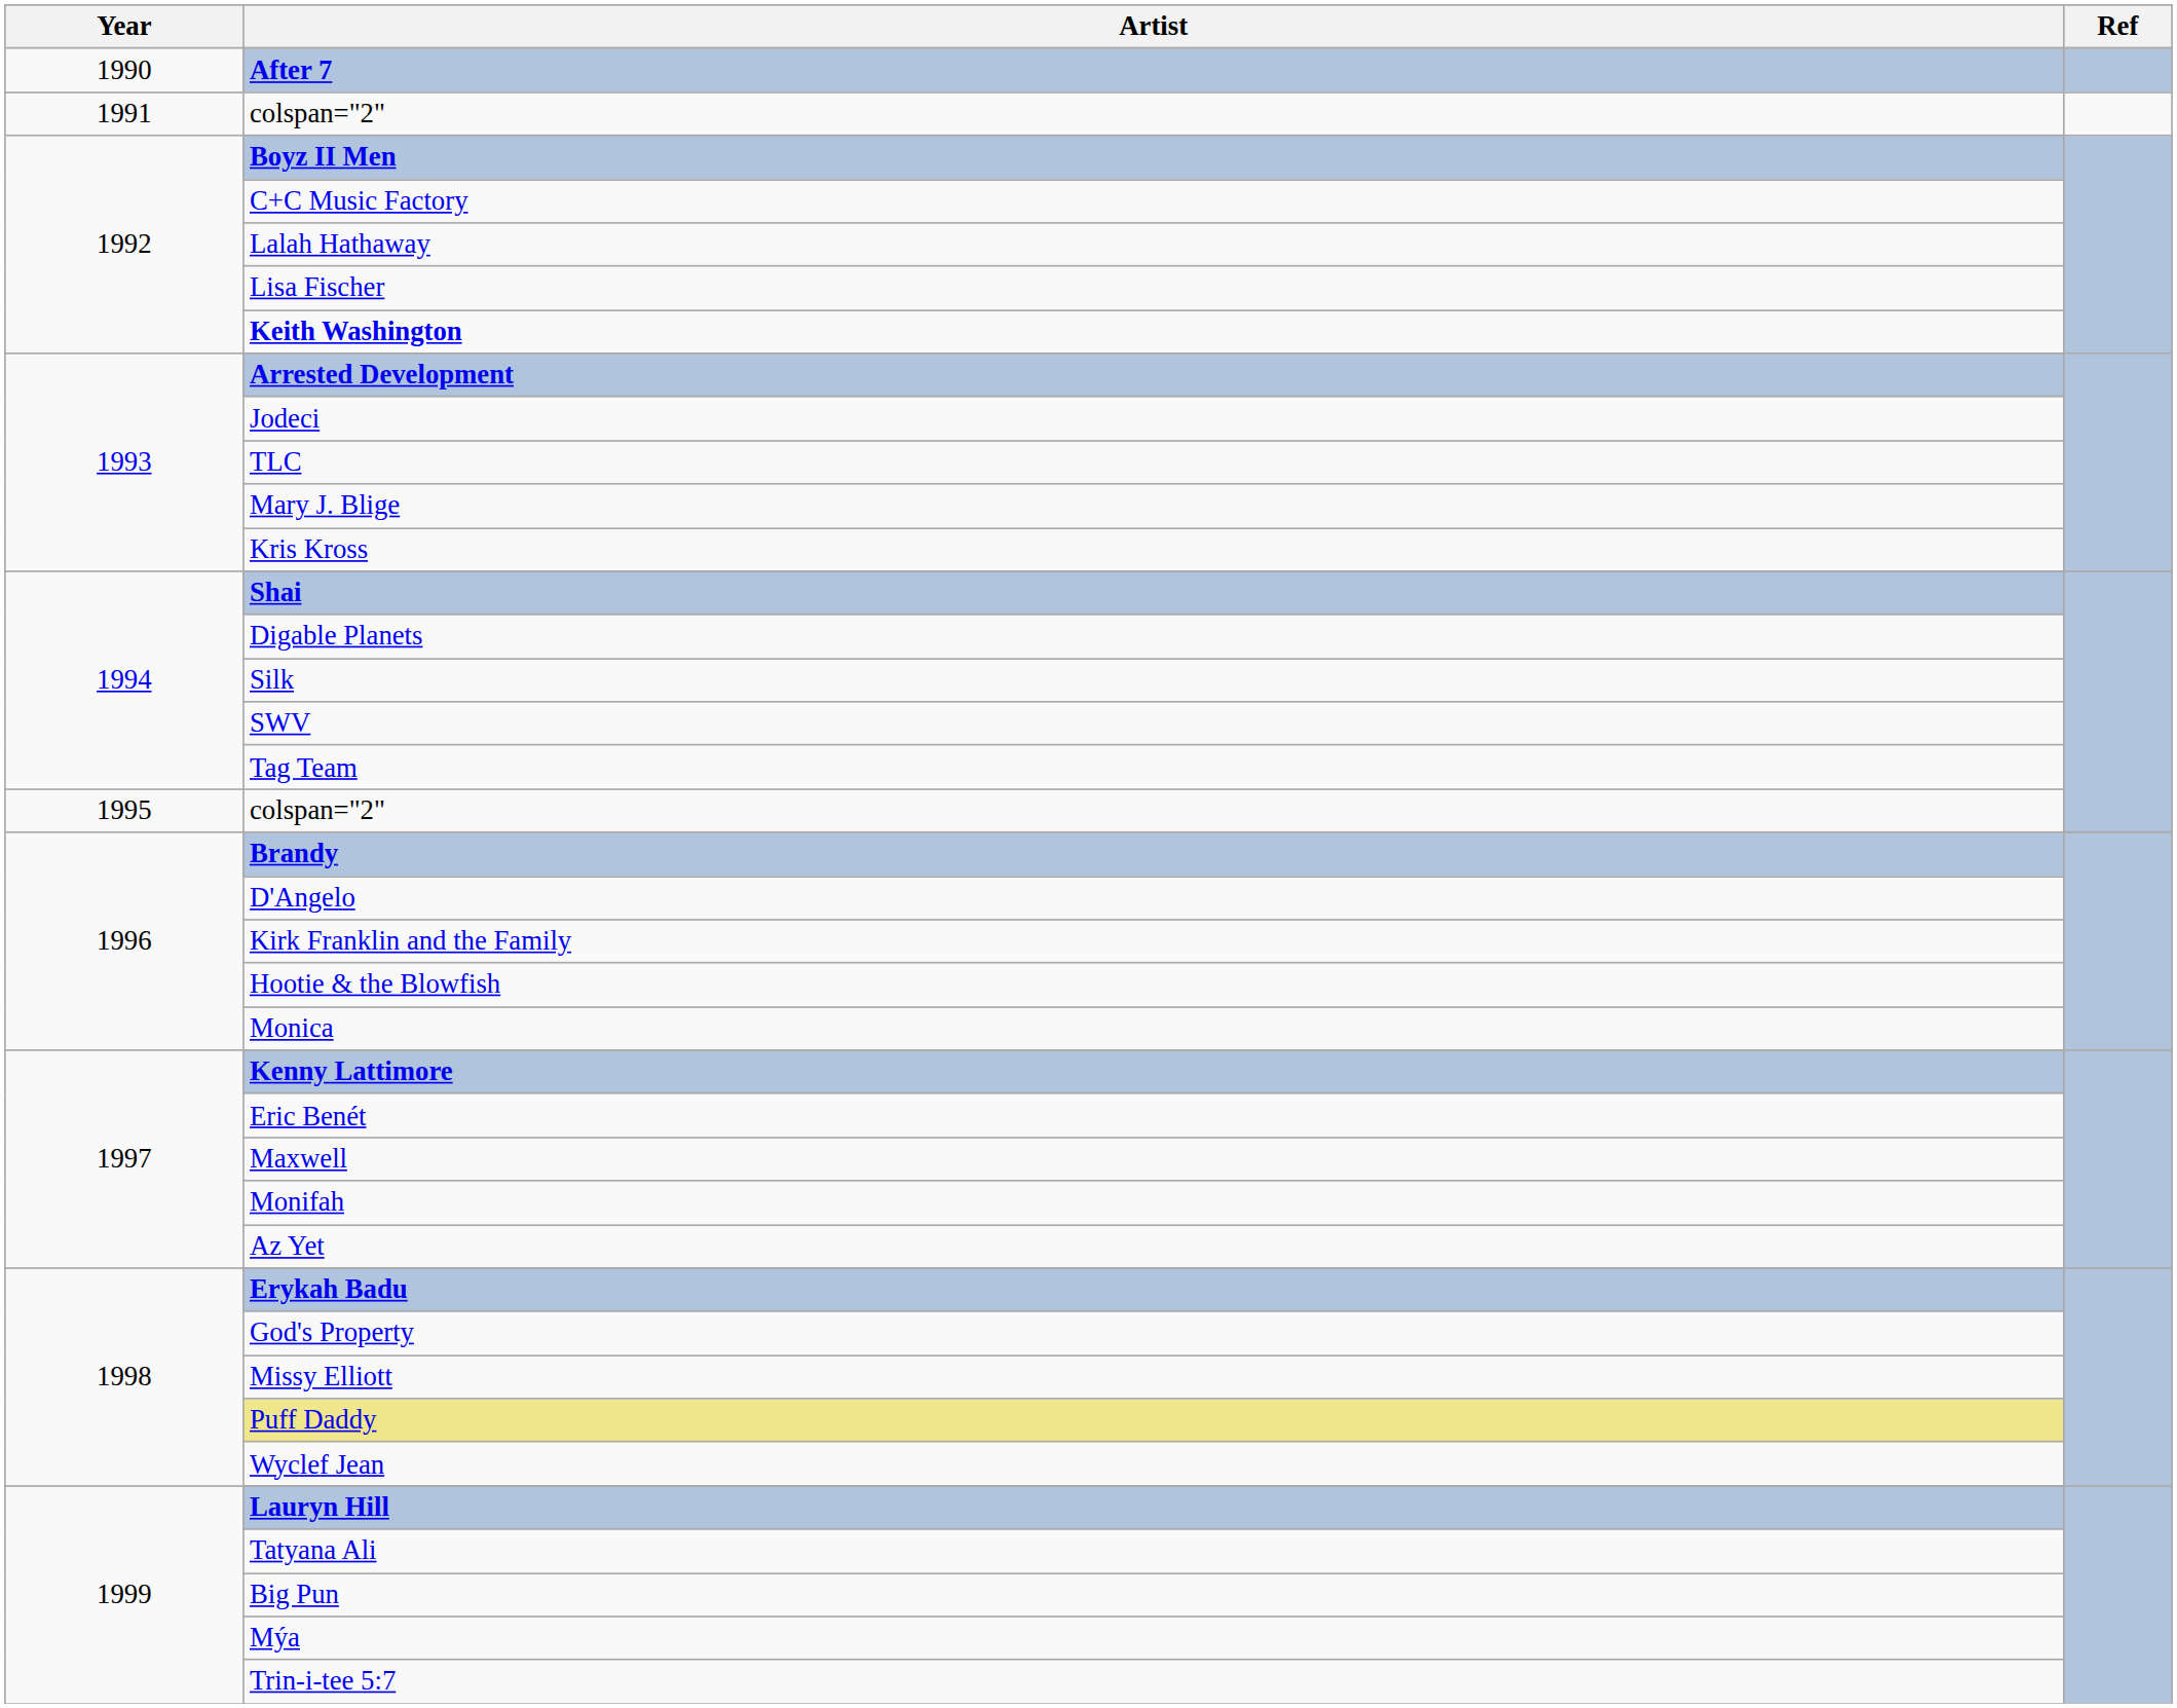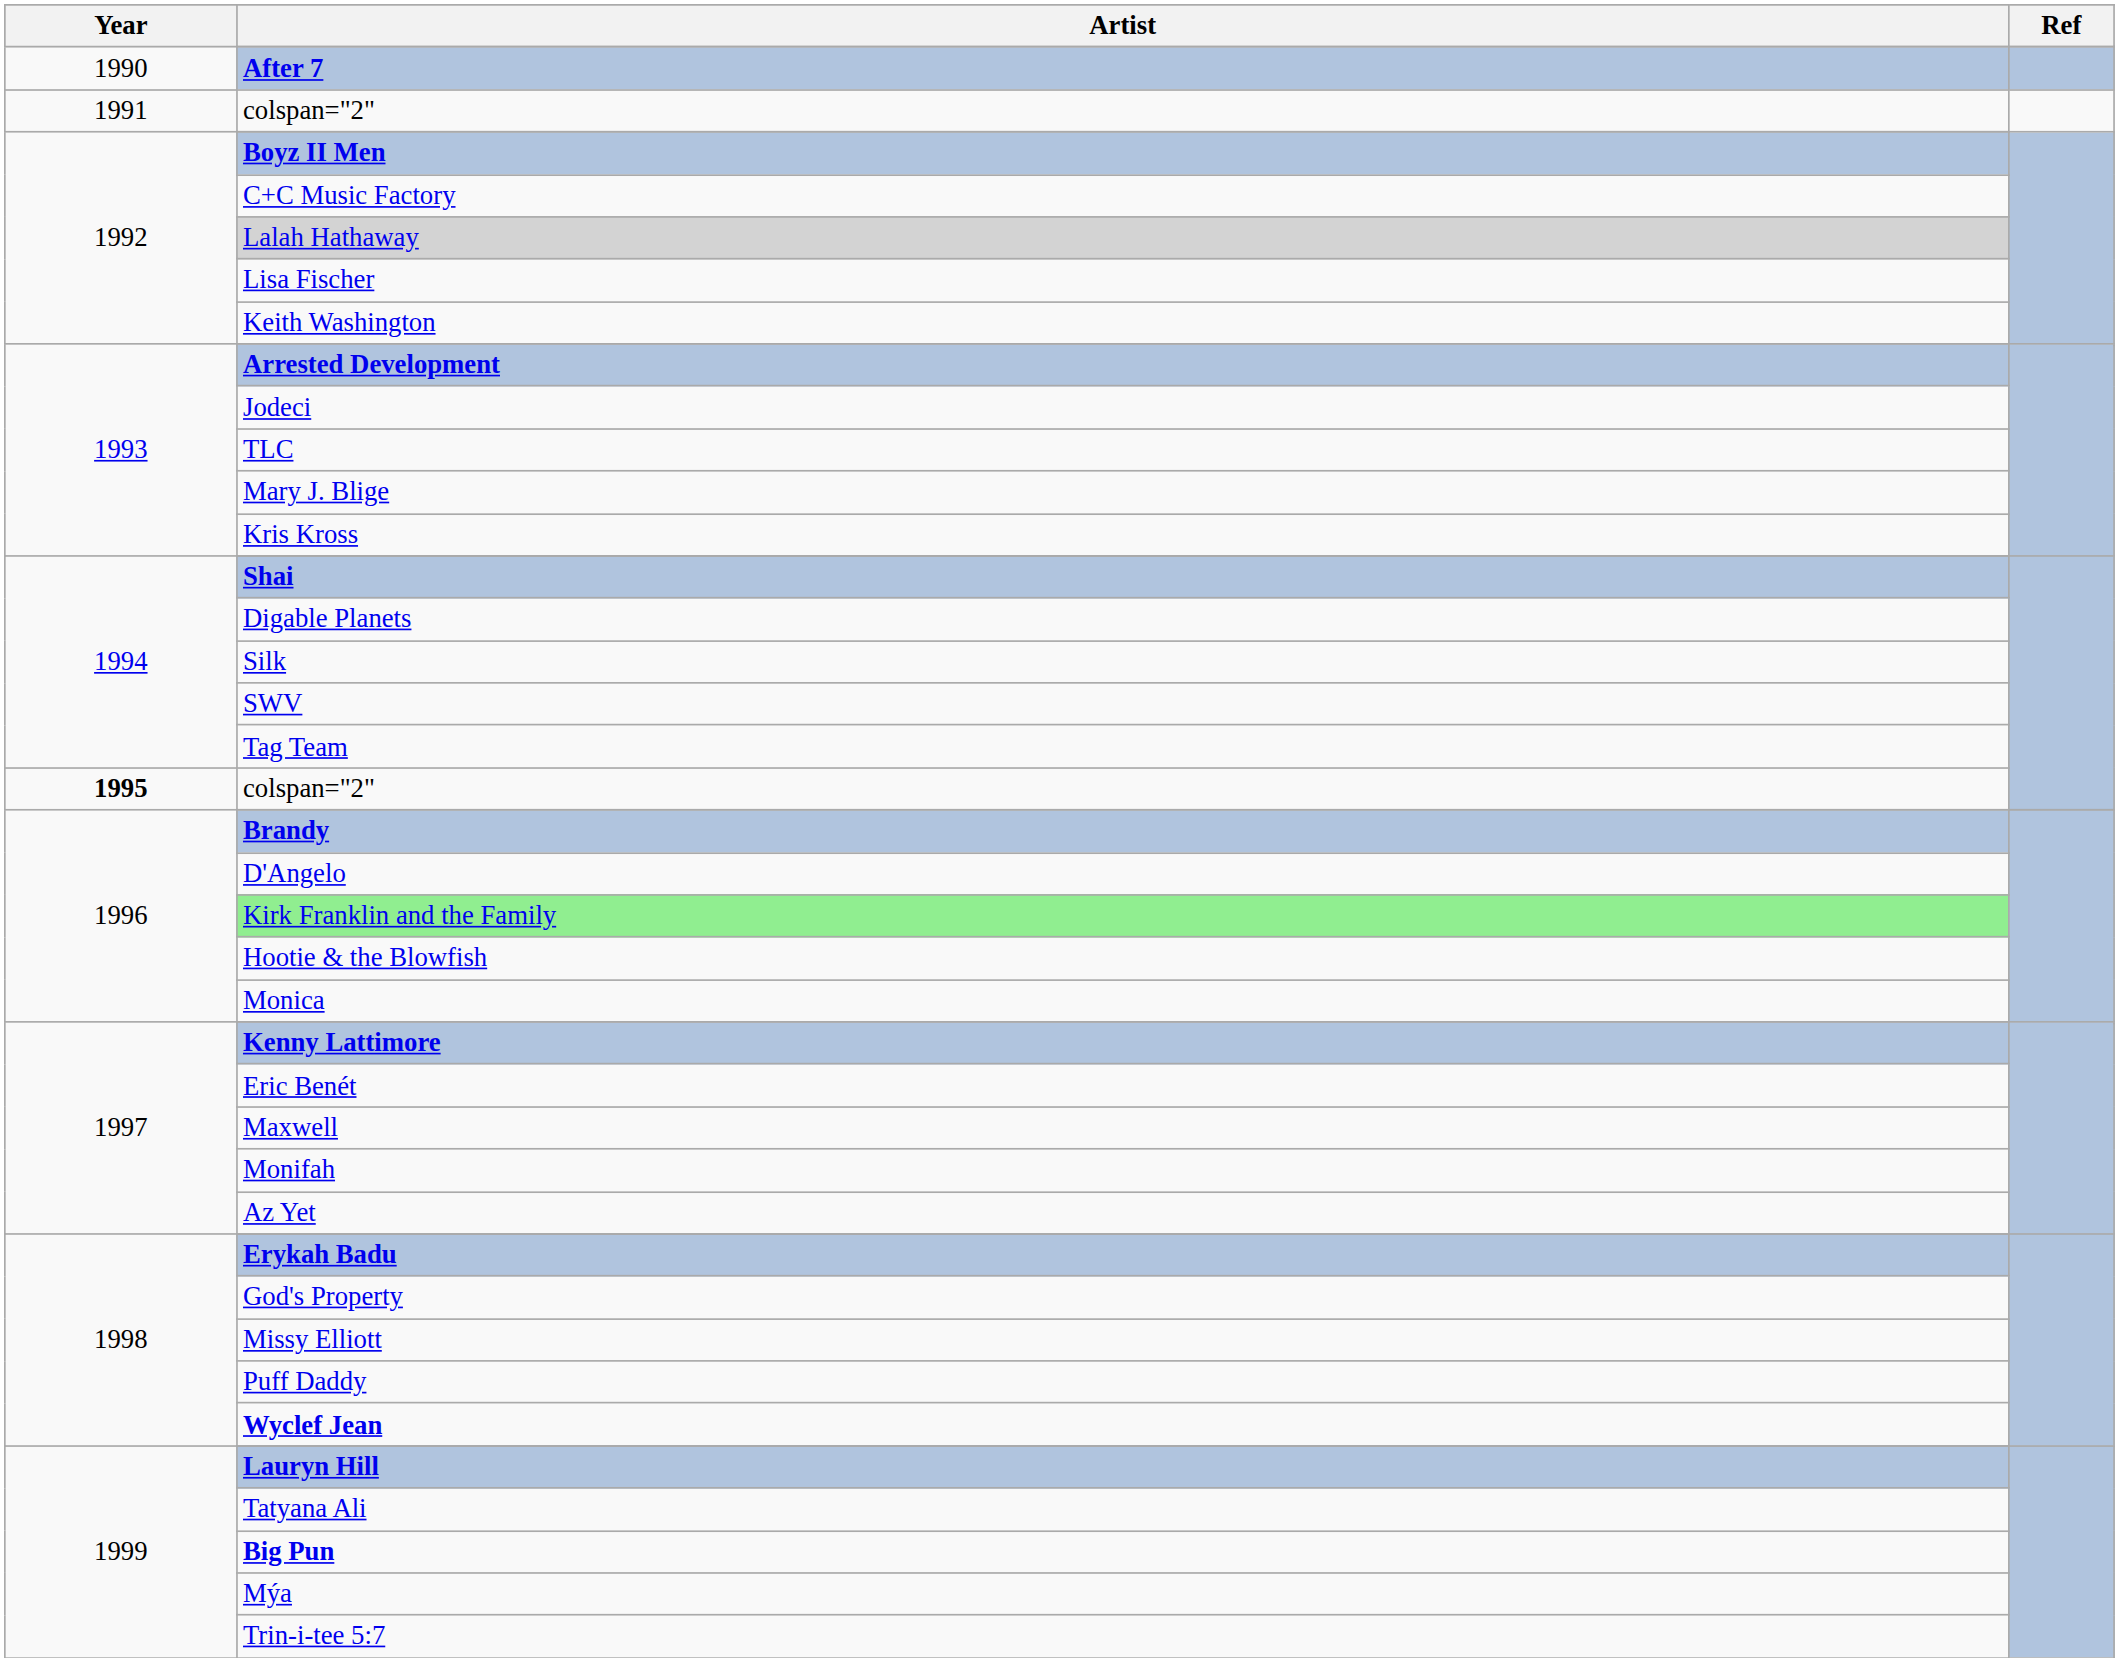 <table class="wikitable" style="width:100%;">
 <tr style="background:#bebebe;">
 <th style="width:11%;">Year</th>
 <th style="width:84%;">Artist</th>
 <th style="width:5%;">Ref</th>
 </tr>
 <tr>
 <td rowspan="2" align="center">1990</td>
 </tr>
 <tr style="background:#B0C4DE">
 <td><strong><a href='#'>After 7</a></strong></td>
 <td align="center"></td>
 </tr>
 <tr>
 <td align="center">1991</td>
 <td>colspan="2" </td>
 </tr>
 <tr>
 <td rowspan="6" align="center">1992</td>
 </tr>
 <tr style="background:#B0C4DE">
 <td><strong><a href='#'>Boyz II Men</a></strong></td>
 <td rowspan="6" align="center"></td>
 </tr>
 <tr>
 <td><a href='#'>C+C Music Factory</a></td>
 </tr>
 <tr>
-<td><a href='#'>Lalah Hathaway</a></td>
+<td style="background: lightgrey;"><a href='#'>Lalah Hathaway</a></td>
 </tr>
 <tr>
 <td><a href='#'>Lisa Fischer</a></td>
 </tr>
 <tr>
-<td><strong><a href='#'>Keith Washington</a></strong></td>
+<td><a href='#'>Keith Washington</a></td>
 </tr>
 <tr>
 <td rowspan="6" align="center"><a href='#'>1993</a></td>
 </tr>
 <tr style="background:#B0C4DE">
 <td><strong><a href='#'>Arrested Development</a></strong></td>
 <td rowspan="6" align="center"></td>
 </tr>
 <tr>
 <td><a href='#'>Jodeci</a></td>
 </tr>
 <tr>
 <td><a href='#'>TLC</a></td>
 </tr>
 <tr>
 <td><a href='#'>Mary J. Blige</a></td>
 </tr>
 <tr>
 <td><a href='#'>Kris Kross</a></td>
 </tr>
 <tr>
 <td rowspan="6" align="center"><a href='#'>1994</a></td>
 </tr>
 <tr style="background:#B0C4DE">
 <td><strong><a href='#'>Shai</a></strong></td>
 <td rowspan="6" align="center"></td>
 </tr>
 <tr>
 <td><a href='#'>Digable Planets</a></td>
 </tr>
 <tr>
 <td><a href='#'>Silk</a></td>
 </tr>
 <tr>
 <td><a href='#'>SWV</a></td>
 </tr>
 <tr>
 <td><a href='#'>Tag Team</a></td>
 </tr>
 <tr>
-<td align="center">1995</td>
+<td align="center"><strong>1995</strong></td>
 <td>colspan="2" </td>
 </tr>
 <tr>
 <td rowspan="6" align="center">1996</td>
 </tr>
 <tr style="background:#B0C4DE">
 <td><strong><a href='#'>Brandy</a></strong></td>
 <td rowspan="6" align="center"></td>
 </tr>
 <tr>
 <td><a href='#'>D'Angelo</a></td>
 </tr>
 <tr>
-<td><a href='#'>Kirk Franklin and the Family</a></td>
+<td style="background: lightgreen;"><a href='#'>Kirk Franklin and the Family</a></td>
 </tr>
 <tr>
 <td><a href='#'>Hootie & the Blowfish</a></td>
 </tr>
 <tr>
 <td><a href='#'>Monica</a></td>
 </tr>
 <tr>
 <td rowspan="6" align="center">1997</td>
 </tr>
 <tr style="background:#B0C4DE">
 <td><strong><a href='#'>Kenny Lattimore</a></strong></td>
 <td rowspan="6" align="center"></td>
 </tr>
 <tr>
 <td><a href='#'>Eric Benét</a></td>
 </tr>
 <tr>
 <td><a href='#'>Maxwell</a></td>
 </tr>
 <tr>
 <td><a href='#'>Monifah</a></td>
 </tr>
 <tr>
 <td><a href='#'>Az Yet</a></td>
 </tr>
 <tr>
 <td rowspan="6" align="center">1998</td>
 </tr>
 <tr style="background:#B0C4DE">
 <td><strong><a href='#'>Erykah Badu</a></strong></td>
 <td rowspan="6" align="center"></td>
 </tr>
 <tr>
 <td><a href='#'>God's Property</a></td>
 </tr>
 <tr>
 <td><a href='#'>Missy Elliott</a></td>
 </tr>
 <tr>
-<td style="background: khaki;"><a href='#'>Puff Daddy</a></td>
+<td><a href='#'>Puff Daddy</a></td>
 </tr>
 <tr>
-<td><a href='#'>Wyclef Jean</a></td>
+<td><strong><a href='#'>Wyclef Jean</a></strong></td>
 </tr>
 <tr>
 <td rowspan="6" align="center">1999</td>
 </tr>
 <tr style="background:#B0C4DE">
 <td><strong><a href='#'>Lauryn Hill</a></strong></td>
 <td rowspan="6" align="center"></td>
 </tr>
 <tr>
 <td><a href='#'>Tatyana Ali</a></td>
 </tr>
 <tr>
-<td><a href='#'>Big Pun</a></td>
+<td><strong><a href='#'>Big Pun</a></strong></td>
 </tr>
 <tr>
 <td><a href='#'>Mýa</a></td>
 </tr>
 <tr>
 <td><a href='#'>Trin-i-tee 5:7</a></td>
 </tr>
 </table>
